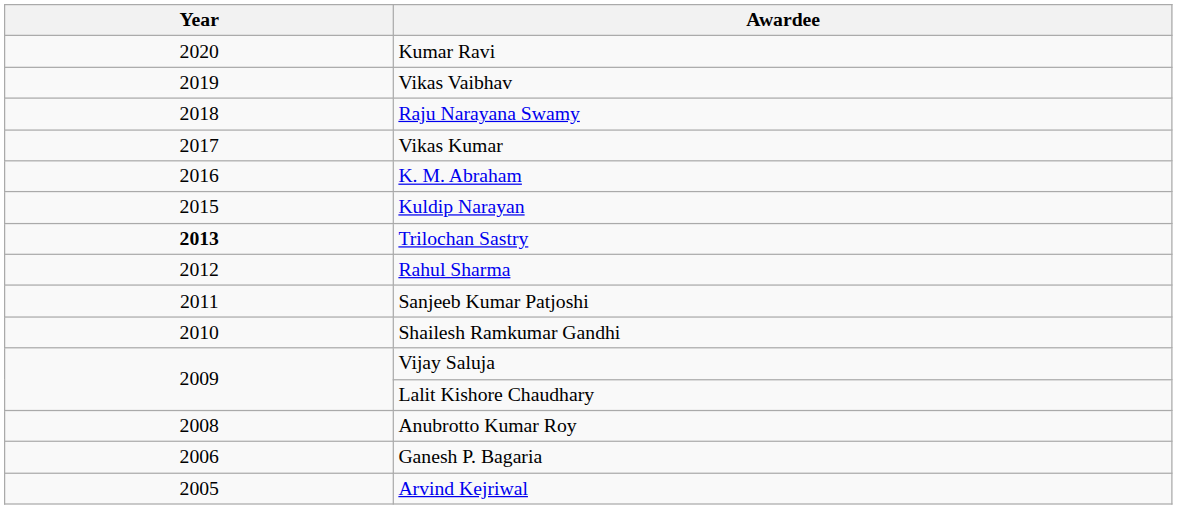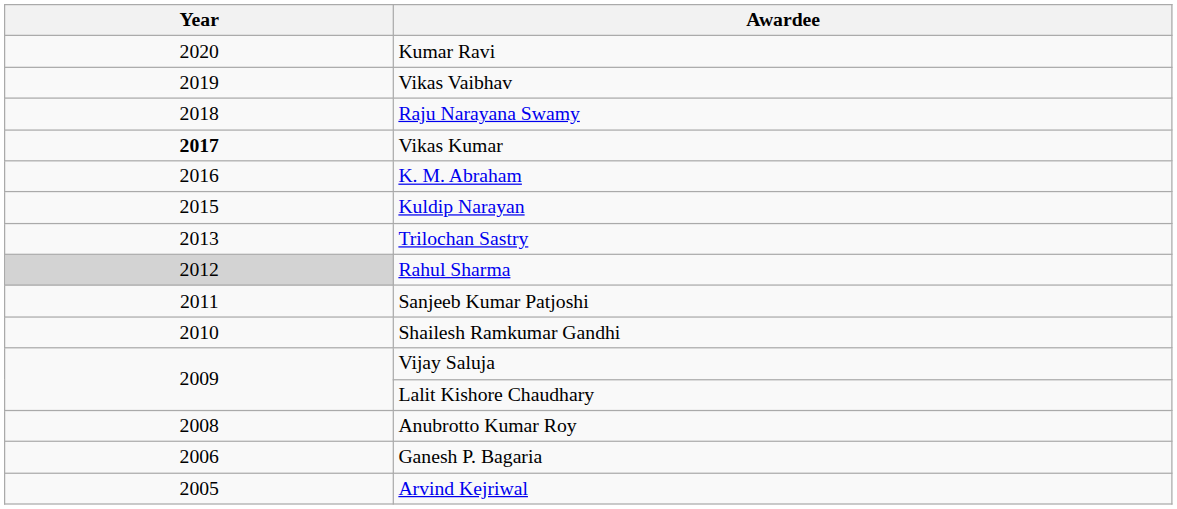 <table class="wikitable sortable" style="width: 60%;">
 <tr>
 <th scope="col" style="width: 20%;">Year</th>
 <th scope="col" style="width: 40%;">Awardee</th>
 </tr>
 <tr>
 <td style="text-align:center;">2020</td>
 <td>Kumar Ravi</td>
 </tr>
 <tr>
 <td style="text-align:center;">2019</td>
 <td>Vikas Vaibhav</td>
 </tr>
 <tr>
 <td style="text-align:center;">2018</td>
 <td><a href='#'>Raju Narayana Swamy</a></td>
 </tr>
 <tr>
-<td style="text-align:center;">2017</td>
+<td style="text-align:center;"><strong>2017</strong></td>
 <td>Vikas Kumar</td>
 </tr>
 <tr>
 <td style="text-align:center;">2016</td>
 <td><a href='#'>K. M. Abraham</a></td>
 </tr>
 <tr>
 <td style="text-align:center;">2015</td>
 <td><a href='#'>Kuldip Narayan</a></td>
 </tr>
 <tr>
-<td style="text-align:center;"><strong>2013</strong></td>
+<td style="text-align:center;">2013</td>
 <td><a href='#'>Trilochan Sastry</a></td>
 </tr>
 <tr>
-<td style="text-align:center;">2012</td>
+<td style="background: lightgrey; text-align:center;">2012</td>
 <td><a href='#'>Rahul Sharma</a></td>
 </tr>
 <tr>
 <td style="text-align:center;">2011</td>
 <td>Sanjeeb Kumar Patjoshi</td>
 </tr>
 <tr>
 <td style="text-align:center;">2010</td>
 <td>Shailesh Ramkumar Gandhi</td>
 </tr>
 <tr>
 <td rowspan="2" style="text-align:center;">2009</td>
 <td>Vijay Saluja</td>
 </tr>
 <tr>
 <td>Lalit Kishore Chaudhary</td>
 </tr>
 <tr>
 <td style="text-align:center;">2008</td>
 <td>Anubrotto Kumar Roy</td>
 </tr>
 <tr>
 <td style="text-align:center;">2006</td>
 <td>Ganesh P. Bagaria</td>
 </tr>
 <tr>
 <td style="text-align:center;">2005</td>
 <td><a href='#'>Arvind Kejriwal</a></td>
 </tr>
 </table>
